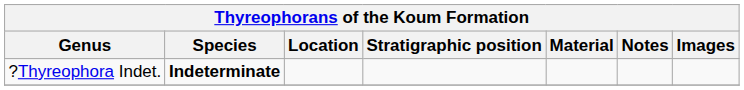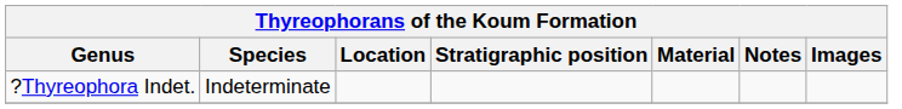 <table class="wikitable" align="center">
 <tr>
 <th colspan="7" align="center"><a href='#'>Thyreophorans</a> of the Koum Formation</th>
 </tr>
 <tr>
 <th>Genus</th>
 <th>Species</th>
 <th>Location</th>
 <th>Stratigraphic position</th>
 <th>Material</th>
 <th>Notes</th>
 <th>Images</th>
 </tr>
 <tr>
 <td>?<a href='#'>Thyreophora</a> Indet.</td>
-<td><strong>Indeterminate</strong></td>
+<td>Indeterminate</td>
 <td></td>
 <td></td>
 <td></td>
 <td></td>
 <td></td>
 </tr>
 <tr>
 </tr>
 </table>
